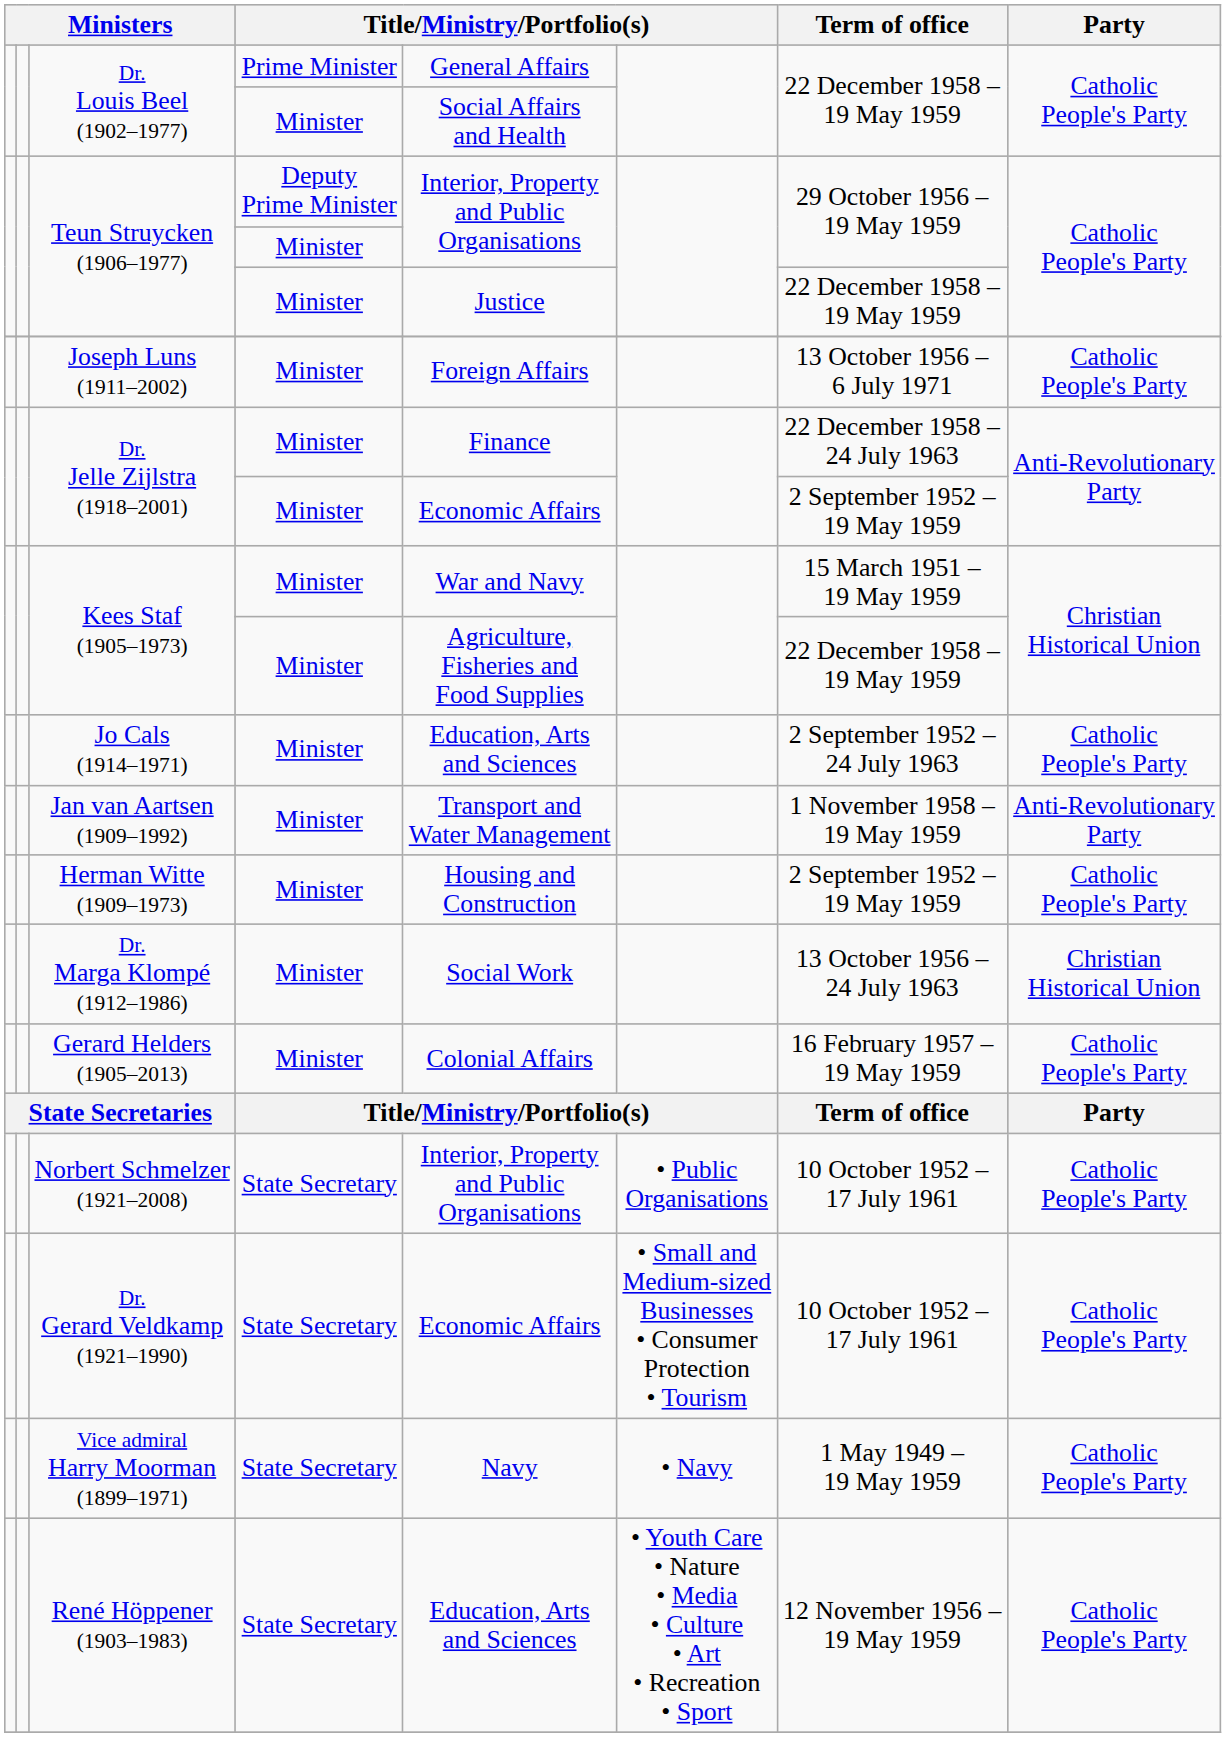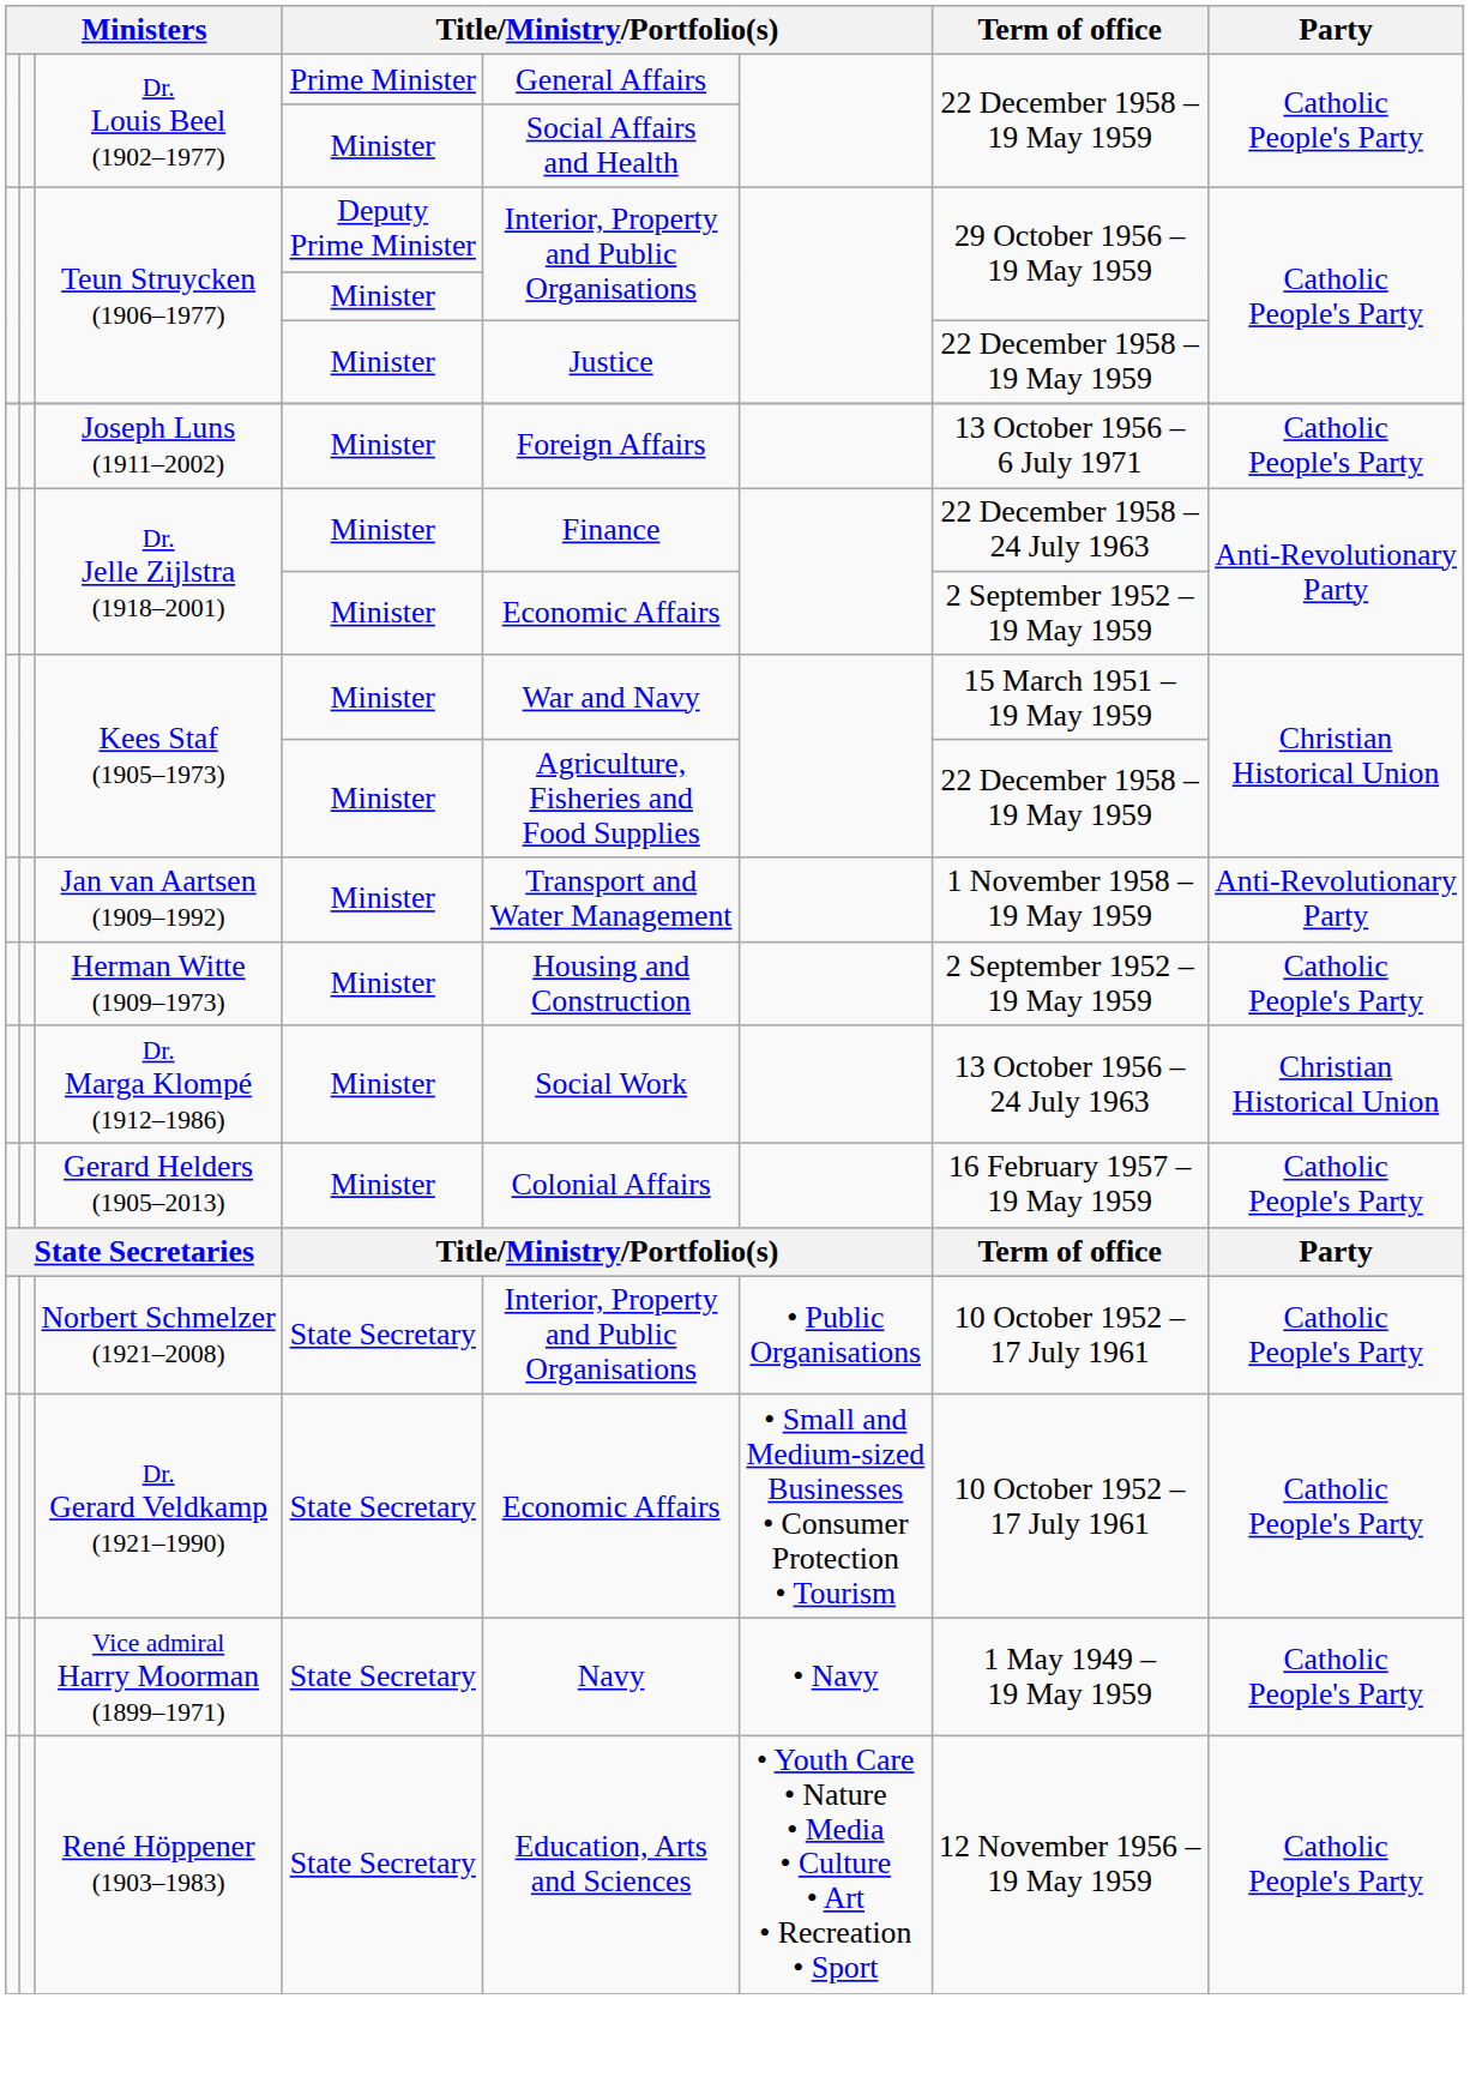 <table class="wikitable" style="text-align:center">
 <tr>
 <th colspan=3><a href='#'>Ministers</a></th>
 <th colspan=3>Title/<a href='#'>Ministry</a>/Portfolio(s)</th>
 <th>Term of office</th>
 <th>Party</th>
 </tr>
 <tr>
 <td rowspan=2 style="background:"></td>
 <td rowspan=2></td>
 <td rowspan=2><small><a href='#'>Dr.</a></small> <br> <a href='#'>Louis Beel</a> <br> <small>(1902–1977)</small></td>
 <td><a href='#'>Prime Minister</a></td>
 <td><a href='#'>General Affairs</a></td>
 <td rowspan=2></td>
 <td rowspan=2>22 December 1958 – <br> 19 May 1959</td>
 <td rowspan=2><a href='#'>Catholic <br> People's Party</a></td>
 </tr>
 <tr>
 <td><a href='#'>Minister</a></td>
 <td><a href='#'>Social Affairs</a> <br> <a href='#'>and Health</a></td>
 </tr>
 <tr>
 <td rowspan=3 style="background:"></td>
 <td rowspan=3></td>
 <td rowspan=3><a href='#'>Teun Struycken</a> <br> <small>(1906–1977)</small></td>
 <td><a href='#'>Deputy <br> Prime Minister</a></td>
 <td rowspan=2><a href='#'>Interior, Property <br> and Public <br> Organisations</a></td>
 <td rowspan=3></td>
 <td rowspan=2>29 October 1956 – <br> 19 May 1959 <br> </td>
 <td rowspan=3><a href='#'>Catholic <br> People's Party</a></td>
 </tr>
 <tr>
 <td><a href='#'>Minister</a></td>
 </tr>
 <tr>
 <td><a href='#'>Minister</a></td>
 <td><a href='#'>Justice</a></td>
 <td>22 December 1958 – <br> 19 May 1959</td>
 </tr>
 <tr>
 </tr>
 <tr>
 <td style="background:"></td>
 <td></td>
 <td><a href='#'>Joseph Luns</a> <br> <small>(1911–2002)</small></td>
 <td><a href='#'>Minister</a></td>
 <td><a href='#'>Foreign Affairs</a></td>
 <td></td>
 <td>13 October 1956 – <br> 6 July 1971 <br>  </td>
 <td><a href='#'>Catholic <br> People's Party</a></td>
 </tr>
 <tr>
 <td rowspan=2 style="background:"></td>
 <td rowspan=2></td>
 <td rowspan=2><small><a href='#'>Dr.</a></small> <br> <a href='#'>Jelle Zijlstra</a> <br> <small>(1918–2001)</small></td>
 <td><a href='#'>Minister</a></td>
 <td><a href='#'>Finance</a></td>
 <td rowspan=2></td>
 <td>22 December 1958 – <br> 24 July 1963 <br> </td>
 <td rowspan=2><a href='#'>Anti-Revolutionary <br> Party</a></td>
 </tr>
 <tr>
 <td><a href='#'>Minister</a></td>
 <td><a href='#'>Economic Affairs</a></td>
 <td>2 September 1952 – <br> 19 May 1959 <br> </td>
 </tr>
 <tr>
 <td rowspan=2 style="background:"></td>
 <td rowspan=2></td>
 <td rowspan=2><a href='#'>Kees Staf</a> <br> <small>(1905–1973)</small></td>
 <td><a href='#'>Minister</a></td>
 <td><a href='#'>War and Navy</a></td>
 <td rowspan=2></td>
 <td>15 March 1951 – <br> 19 May 1959 <br> </td>
 <td rowspan=2><a href='#'>Christian <br> Historical Union</a></td>
 </tr>
 <tr>
 <td><a href='#'>Minister</a></td>
 <td><a href='#'>Agriculture, <br> Fisheries and <br> Food Supplies</a></td>
 <td>22 December 1958 – <br> 19 May 1959</td>
-</tr>
-<tr>
-<td style="background:"></td>
-<td></td>
-<td><a href='#'>Jo Cals</a> <br> <small>(1914–1971)</small></td>
-<td><a href='#'>Minister</a></td>
-<td><a href='#'>Education, Arts <br> and Sciences</a></td>
-<td></td>
-<td>2 September 1952 – <br> 24 July 1963 <br>  </td>
-<td><a href='#'>Catholic <br> People's Party</a></td>
 </tr>
 <tr>
 <td style="background:"></td>
 <td></td>
 <td><a href='#'>Jan van Aartsen</a> <br> <small>(1909–1992)</small></td>
 <td><a href='#'>Minister</a></td>
 <td><a href='#'>Transport and <br> Water Management</a></td>
 <td></td>
 <td>1 November 1958 – <br> 19 May 1959 <br> </td>
 <td><a href='#'>Anti-Revolutionary <br> Party</a></td>
 </tr>
 <tr>
 <td style="background:"></td>
 <td></td>
 <td><a href='#'>Herman Witte</a> <br> <small>(1909–1973)</small></td>
 <td><a href='#'>Minister</a></td>
 <td><a href='#'>Housing and <br> Construction</a></td>
 <td></td>
 <td>2 September 1952 – <br> 19 May 1959 <br> </td>
 <td><a href='#'>Catholic <br> People's Party</a></td>
 </tr>
 <tr>
 <td style="background:"></td>
 <td></td>
 <td><small><a href='#'>Dr.</a></small> <br> <a href='#'>Marga Klompé</a> <br> <small>(1912–1986)</small></td>
 <td><a href='#'>Minister</a></td>
 <td><a href='#'>Social Work</a></td>
 <td></td>
 <td>13 October 1956 – <br> 24 July 1963 <br>  </td>
 <td><a href='#'>Christian <br> Historical Union</a></td>
 </tr>
 <tr>
 <td style="background:"></td>
 <td></td>
 <td><a href='#'>Gerard Helders</a> <br> <small>(1905–2013)</small></td>
 <td><a href='#'>Minister</a></td>
 <td><a href='#'>Colonial Affairs</a></td>
 <td></td>
 <td>16 February 1957 – <br> 19 May 1959 <br> </td>
 <td><a href='#'>Catholic <br> People's Party</a></td>
 </tr>
 <tr>
 <th colspan=3><a href='#'>State Secretaries</a></th>
 <th colspan=3>Title/<a href='#'>Ministry</a>/Portfolio(s)</th>
 <th>Term of office</th>
 <th>Party</th>
 </tr>
 <tr>
 <td style="background:"></td>
 <td></td>
 <td><a href='#'>Norbert Schmelzer</a> <br> <small>(1921–2008)</small></td>
 <td><a href='#'>State Secretary</a></td>
 <td><a href='#'>Interior, Property <br> and Public <br> Organisations</a></td>
 <td>• <a href='#'>Public <br> Organisations</a></td>
 <td>10 October 1952 – <br> 17 July 1961 <br>  </td>
 <td><a href='#'>Catholic <br> People's Party</a></td>
 </tr>
 <tr>
 <td style="background:"></td>
 <td></td>
 <td><small><a href='#'>Dr.</a></small> <br> <a href='#'>Gerard Veldkamp</a> <br> <small>(1921–1990)</small></td>
 <td><a href='#'>State Secretary</a></td>
 <td><a href='#'>Economic Affairs</a></td>
 <td>• <a href='#'>Small and <br> Medium-sized <br> Businesses</a> <br> • Consumer <br> Protection <br> • <a href='#'>Tourism</a></td>
 <td>10 October 1952 – <br> 17 July 1961 <br>  </td>
 <td><a href='#'>Catholic <br> People's Party</a></td>
 </tr>
 <tr>
 <td style="background:"></td>
 <td></td>
 <td><small><a href='#'>Vice admiral</a></small> <br> <a href='#'>Harry Moorman</a> <br> <small>(1899–1971)</small></td>
 <td><a href='#'>State Secretary</a></td>
 <td><a href='#'>Navy</a></td>
 <td>• <a href='#'>Navy</a></td>
 <td>1 May 1949 – <br> 19 May 1959 <br> </td>
 <td><a href='#'>Catholic <br> People's Party</a></td>
 </tr>
 <tr>
 <td style="background:"></td>
 <td></td>
 <td><a href='#'>René Höppener</a> <br> <small>(1903–1983)</small></td>
 <td><a href='#'>State Secretary</a></td>
 <td><a href='#'>Education, Arts <br> and Sciences</a></td>
 <td>• <a href='#'>Youth Care</a> <br> • Nature <br> • <a href='#'>Media</a> <br> • <a href='#'>Culture</a> <br> • <a href='#'>Art</a> <br> • Recreation <br> • <a href='#'>Sport</a></td>
 <td>12 November 1956 – <br> 19 May 1959 <br> </td>
 <td><a href='#'>Catholic <br> People's Party</a></td>
 </tr>
 <tr>
 </tr>
 </table>
